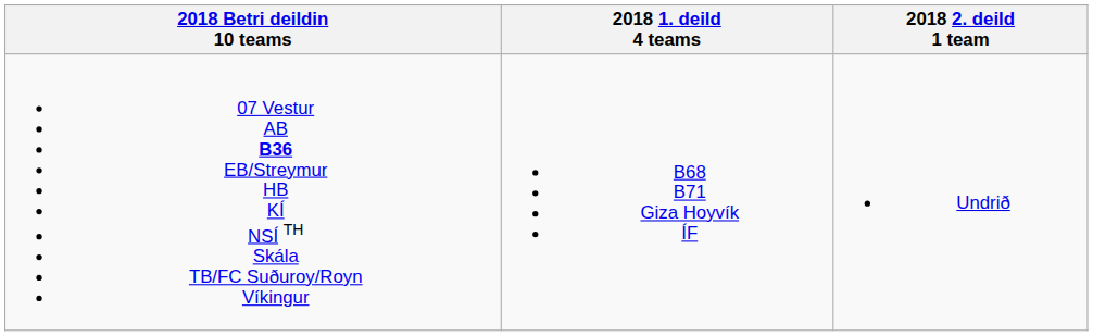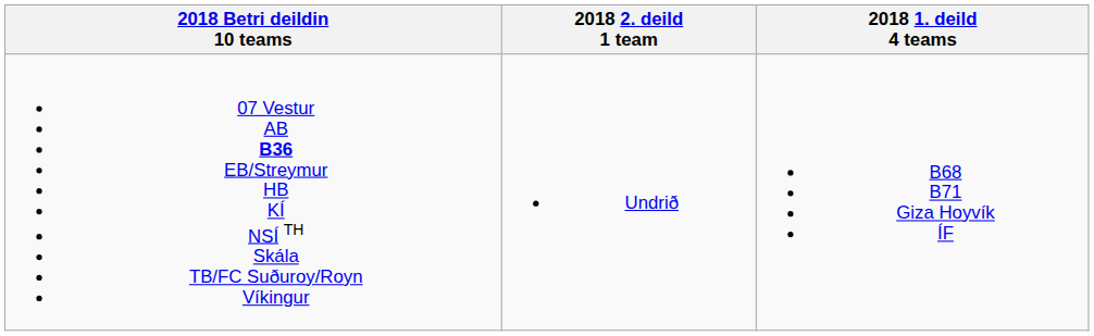 <table class="wikitable" style="text-align:center;" width="60%">
 <tr>
 <th><strong><a href='#'>2018 Betri deildin</a></strong><br>10 teams</th>
+<th><strong>2018 <a href='#'>2. deild</a></strong><br>1 team</th>
 <th><strong>2018 <a href='#'>1. deild</a></strong><br>4 teams</th>
-<th><strong>2018 <a href='#'>2. deild</a></strong><br>1 team</th>
 </tr>
 <tr>
 <td><br><ul><li><a href='#'>07 Vestur</a></li><li><a href='#'>AB</a></li><li><strong><a href='#'>B36</a></strong></li><li><a href='#'>EB/Streymur</a></li><li><a href='#'>HB</a></li><li><a href='#'>KÍ</a></li><li><a href='#'>NSÍ</a> <sup>TH</sup></li><li><a href='#'>Skála</a></li><li><a href='#'>TB/FC Suðuroy/Royn</a></li><li><a href='#'>Víkingur</a></li></ul></td>
+<td><br><ul><li><a href='#'>Undrið</a></li></ul></td>
 <td><br><ul><li><a href='#'>B68</a></li><li><a href='#'>B71</a></li><li><a href='#'>Giza Hoyvík</a></li><li><a href='#'>ÍF</a></li></ul></td>
-<td><br><ul><li><a href='#'>Undrið</a></li></ul></td>
 </tr>
 </table>
